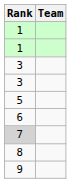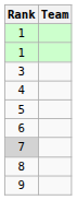 <table class=wikitable style="text-align: center;">
 <tr>
 <th>Rank</th>
 <th>Team</th>
 </tr>
 <tr style="background: #CCFFCC;">
 <td>1</td>
 <td style="text-align: left;"><strong></strong></td>
 </tr>
 <tr style="background: #CCFFCC;">
 <td>1</td>
 <td style="text-align: left;"><strong></strong></td>
 </tr>
 <tr>
 <td>3</td>
 <td style="text-align: left;"></td>
 </tr>
 <tr>
-<td>3</td>
+<td>4</td>
 <td style="text-align: left;"></td>
 </tr>
 <tr>
 <td>5</td>
 <td style="text-align: left;"></td>
 </tr>
 <tr>
 <td>6</td>
 <td style="text-align: left;"></td>
 </tr>
 <tr>
 <td style="background: lightgrey;">7</td>
 <td style="text-align: left;"></td>
 </tr>
 <tr>
 <td>8</td>
 <td style="text-align: left;"></td>
 </tr>
 <tr>
 <td>9</td>
 <td style="text-align: left;"></td>
 </tr>
 </table>
